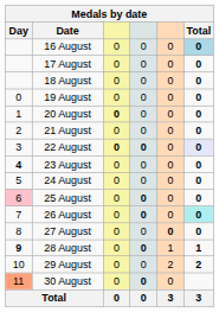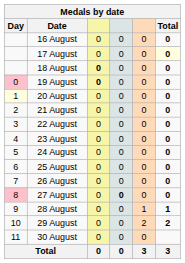 <table class="wikitable" style="font-size:90%; text-align:center;">
 <tr style="background:#efefef;">
 <th colspan=6><strong>Medals by date</strong></th>
 </tr>
 <tr>
 <th width=30><strong>Day</strong></th>
 <th width=90><strong>Date</strong></th>
 <th width=30 style="background:#F7F6A8;"></th>
 <th width=30 style="background:#DCE5E5;"></th>
 <th width=30 style="background:#FFDAB9;"></th>
 <th width=30><strong>Total</strong></th>
 </tr>
 <tr>
 <td></td>
 <td>16 August</td>
 <td style="background:#F7F6A8;">0</td>
 <td style="background:#DCE5E5;">0</td>
 <td style="background:#FFDAB9;">0</td>
-<td style="background: lightblue;"><strong>0</strong></td>
+<td><strong>0</strong></td>
 </tr>
 <tr>
 <td></td>
 <td>17 August</td>
 <td style="background:#F7F6A8;">0</td>
 <td style="background:#DCE5E5;">0</td>
 <td style="background:#FFDAB9;">0</td>
-<td><strong>0</strong></td>
+<td style="background: lightyellow;"><strong>0</strong></td>
 </tr>
 <tr>
 <td></td>
 <td>18 August</td>
-<td style="background:#F7F6A8;">0</td>
+<td style="background:#F7F6A8;"><strong>0</strong></td>
 <td style="background:#DCE5E5;">0</td>
 <td style="background:#FFDAB9;">0</td>
 <td><strong>0</strong></td>
 </tr>
 <tr>
-<td>0</td>
+<td style="background: pink;">0</td>
 <td>19 August</td>
-<td style="background:#F7F6A8;">0</td>
+<td style="background:#F7F6A8;"><strong>0</strong></td>
 <td style="background:#DCE5E5;">0</td>
 <td style="background:#FFDAB9;">0</td>
 <td><strong>0</strong></td>
 </tr>
 <tr>
-<td>1</td>
+<td style="background: lightyellow;">1</td>
 <td>20 August</td>
-<td style="background:#F7F6A8;"><strong>0</strong></td>
+<td style="background:#F7F6A8;">0</td>
 <td style="background:#DCE5E5;">0</td>
 <td style="background:#FFDAB9;">0</td>
 <td><strong>0</strong></td>
 </tr>
 <tr>
 <td>2</td>
 <td>21 August</td>
 <td style="background:#F7F6A8;">0</td>
 <td style="background:#DCE5E5;">0</td>
 <td style="background:#FFDAB9;">0</td>
 <td><strong>0</strong></td>
 </tr>
 <tr>
 <td>3</td>
 <td>22 August</td>
-<td style="background:#F7F6A8;"><strong>0</strong></td>
-<td style="background:#DCE5E5;"><strong>0</strong></td>
+<td style="background:#F7F6A8;">0</td>
+<td style="background:#DCE5E5;">0</td>
 <td style="background:#FFDAB9;">0</td>
-<td style="background: lavender;"><strong>0</strong></td>
+<td><strong>0</strong></td>
 </tr>
 <tr>
-<td><strong>4</strong></td>
+<td>4</td>
 <td>23 August</td>
 <td style="background:#F7F6A8;">0</td>
 <td style="background:#DCE5E5;">0</td>
 <td style="background:#FFDAB9;">0</td>
 <td><strong>0</strong></td>
 </tr>
 <tr>
 <td>5</td>
 <td>24 August</td>
 <td style="background:#F7F6A8;">0</td>
 <td style="background:#DCE5E5;">0</td>
 <td style="background:#FFDAB9;">0</td>
 <td><strong>0</strong></td>
 </tr>
 <tr>
-<td style="background: pink;">6</td>
+<td>6</td>
 <td>25 August</td>
 <td style="background:#F7F6A8;">0</td>
-<td style="background:#DCE5E5;"><strong>0</strong></td>
+<td style="background:#DCE5E5;">0</td>
 <td style="background:#FFDAB9;">0</td>
 <td><strong>0</strong></td>
 </tr>
 <tr>
 <td>7</td>
 <td>26 August</td>
 <td style="background:#F7F6A8;">0</td>
-<td style="background:#DCE5E5;"><strong>0</strong></td>
+<td style="background:#DCE5E5;">0</td>
 <td style="background:#FFDAB9;">0</td>
-<td style="background: paleturquoise;"><strong>0</strong></td>
-</tr>
-<tr>
-<td>8</td>
-<td>27 August</td>
-<td style="background:#F7F6A8;">0</td>
-<td style="background:#DCE5E5;">0</td>
-<td style="background:#FFDAB9;"><strong>0</strong></td>
 <td><strong>0</strong></td>
 </tr>
 <tr>
-<td><strong>9</strong></td>
+<td style="background: pink;">8</td>
+<td>27 August</td>
+<td style="background:#F7F6A8;">0</td>
+<td style="background:#DCE5E5;"><strong>0</strong></td>
+<td style="background:#FFDAB9;">0</td>
+<td><strong>0</strong></td>
+</tr>
+<tr>
+<td>9</td>
 <td>28 August</td>
 <td style="background:#F7F6A8;">0</td>
-<td style="background:#DCE5E5;"><strong>0</strong></td>
+<td style="background:#DCE5E5;">0</td>
 <td style="background:#FFDAB9;">1</td>
 <td><strong>1</strong></td>
 </tr>
 <tr>
 <td>10</td>
 <td>29 August</td>
 <td style="background:#F7F6A8;">0</td>
 <td style="background:#DCE5E5;">0</td>
 <td style="background:#FFDAB9;">2</td>
 <td><strong>2</strong></td>
 </tr>
 <tr>
-<td style="background: lightsalmon;">11</td>
+<td>11</td>
 <td>30 August</td>
 <td style="background:#F7F6A8;">0</td>
-<td style="background:#DCE5E5;"><strong>0</strong></td>
+<td style="background:#DCE5E5;">0</td>
 <td style="background:#FFDAB9;">0</td>
 <td></td>
 </tr>
 <tr>
 <th colspan="2"><strong>Total</strong></th>
 <th><strong>0</strong></th>
 <th><strong>0</strong></th>
 <th><strong>3</strong></th>
 <th><strong>3</strong></th>
 </tr>
 </table>
